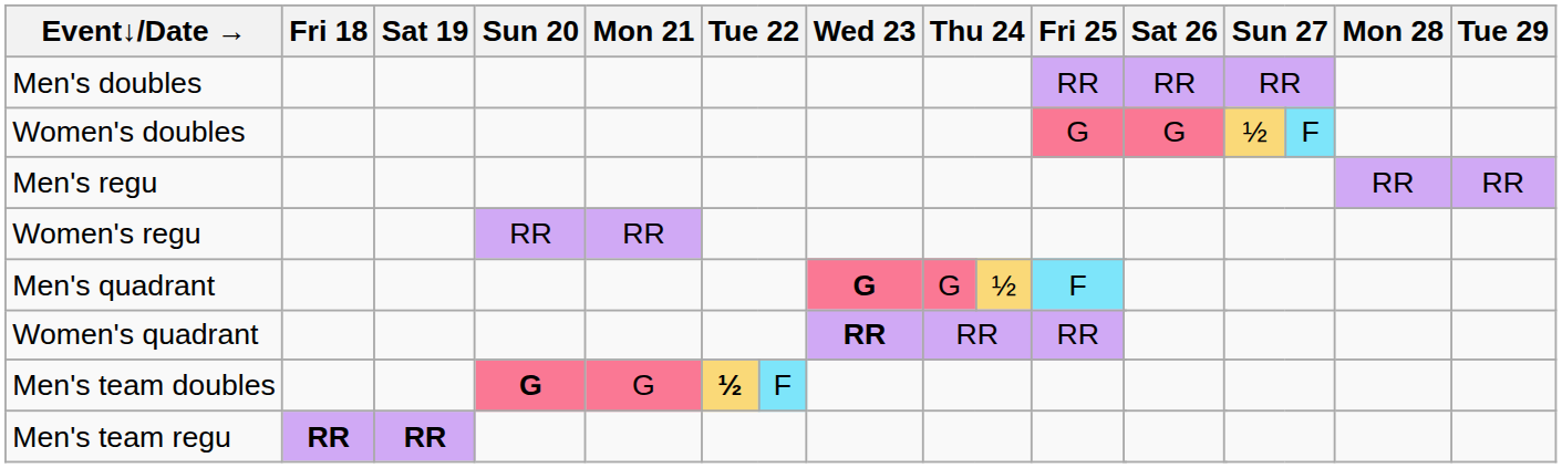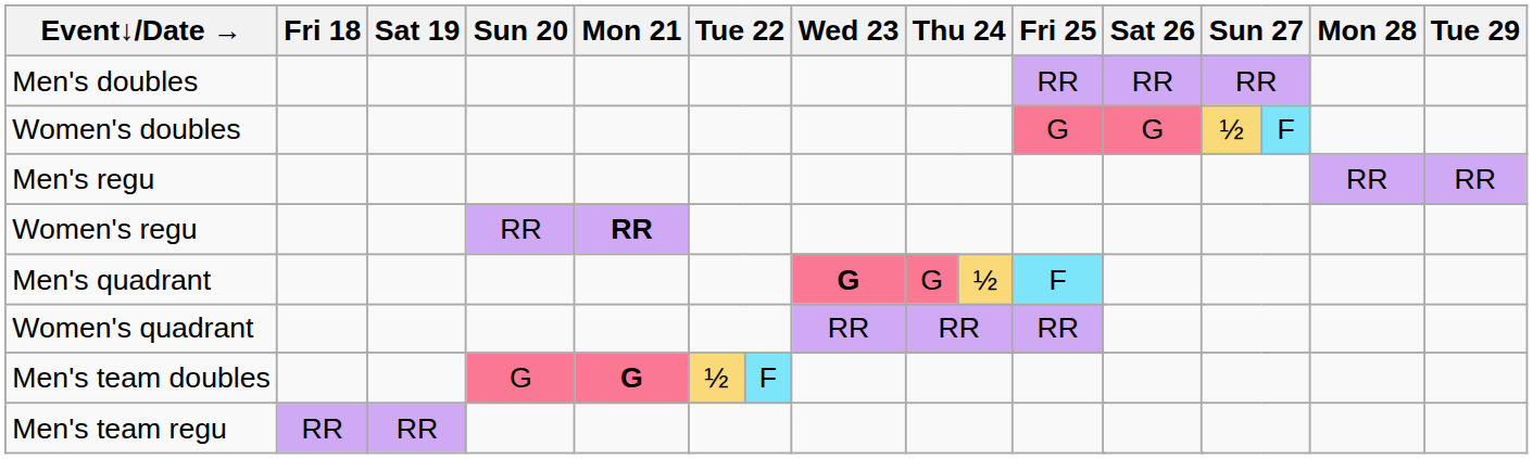 <table class="wikitable" style="margin:0.5em auto; font-size:90%; line-height:1.25em; text-align:center;">
 <tr>
 <th>Event↓/Date →</th>
 <th>Fri 18</th>
 <th>Sat 19</th>
 <th>Sun 20</th>
 <th>Mon 21</th>
 <th colspan=2>Tue 22</th>
 <th>Wed 23</th>
 <th colspan="2">Thu 24</th>
 <th colspan="2">Fri 25</th>
 <th colspan="2">Sat 26</th>
 <th colspan="2">Sun 27</th>
 <th colspan="2">Mon 28</th>
 <th colspan="2">Tue 29</th>
 </tr>
 <tr>
 <td style="text-align:left;">Men's doubles</td>
 <td></td>
 <td></td>
 <td></td>
 <td></td>
 <td colspan=2></td>
 <td></td>
 <td colspan=2></td>
 <td colspan=2 style="background-color:#D0A9F5;">RR</td>
 <td colspan=2 style="background-color:#D0A9F5;">RR</td>
 <td colspan=2 style="background-color:#D0A9F5;">RR</td>
 <td colspan=2></td>
 <td colspan=2></td>
 </tr>
 <tr>
 <td style="text-align:left;">Women's doubles</td>
 <td></td>
 <td></td>
 <td></td>
 <td></td>
 <td colspan=2></td>
 <td></td>
 <td colspan=2></td>
 <td colspan=2 style="background-color:#FA7894;">G</td>
 <td colspan=2 style="background-color:#FA7894;">G</td>
 <td style="background-color:#FAD978;">½</td>
 <td style="background-color:#7DE5FA;">F</td>
 <td colspan=2></td>
 <td colspan=2></td>
 </tr>
 <tr>
 <td style="text-align:left;">Men's regu</td>
 <td></td>
 <td></td>
 <td></td>
 <td></td>
 <td colspan=2></td>
 <td></td>
 <td colspan=2></td>
 <td colspan=2></td>
 <td colspan=2></td>
 <td colspan=2></td>
 <td colspan=2 style="background-color:#D0A9F5;">RR</td>
 <td colspan=2 style="background-color:#D0A9F5;">RR</td>
 </tr>
 <tr>
 <td style="text-align:left;">Women's regu</td>
 <td></td>
 <td></td>
 <td style="background-color:#D0A9F5;">RR</td>
-<td style="background-color:#D0A9F5;">RR</td>
+<td style="background-color:#D0A9F5;"><strong>RR</strong></td>
 <td colspan=2></td>
 <td></td>
 <td colspan=2></td>
 <td colspan=2></td>
 <td colspan=2></td>
 <td colspan=2></td>
 <td colspan=2></td>
 <td colspan=2></td>
 </tr>
 <tr>
 <td style="text-align:left;">Men's quadrant</td>
 <td></td>
 <td></td>
 <td></td>
 <td></td>
 <td colspan=2></td>
 <td style="background-color:#FA7894;"><strong>G</strong></td>
 <td style="background-color:#FA7894;">G</td>
 <td style="background-color:#FAD978;">½</td>
 <td colspan=2 style="background-color:#7DE5FA;">F</td>
 <td colspan=2></td>
 <td colspan=2></td>
 <td colspan=2></td>
 <td colspan=2></td>
 </tr>
 <tr>
 <td style="text-align:left;">Women's quadrant</td>
 <td></td>
 <td></td>
 <td></td>
 <td></td>
 <td colspan=2></td>
-<td style="background-color:#D0A9F5;"><strong>RR</strong></td>
+<td style="background-color:#D0A9F5;">RR</td>
 <td colspan=2 style="background-color:#D0A9F5;">RR</td>
 <td colspan=2 style="background-color:#D0A9F5;">RR</td>
 <td colspan=2></td>
 <td colspan=2></td>
 <td colspan=2></td>
 <td colspan=2></td>
 </tr>
 <tr>
 <td style="text-align:left;">Men's team doubles</td>
 <td></td>
 <td></td>
+<td style="background-color:#FA7894;">G</td>
 <td style="background-color:#FA7894;"><strong>G</strong></td>
-<td style="background-color:#FA7894;">G</td>
-<td style="background-color:#FAD978;"><strong>½</strong></td>
+<td style="background-color:#FAD978;">½</td>
 <td style="background-color:#7DE5FA;">F</td>
 <td></td>
 <td colspan=2></td>
 <td colspan=2></td>
 <td colspan=2></td>
 <td colspan=2></td>
 <td colspan=2></td>
 <td colspan=2></td>
 </tr>
 <tr>
 <td style="text-align:left;">Men's team regu</td>
-<td style="background-color:#D0A9F5;"><strong>RR</strong></td>
-<td style="background-color:#D0A9F5;"><strong>RR</strong></td>
+<td style="background-color:#D0A9F5;">RR</td>
+<td style="background-color:#D0A9F5;">RR</td>
 <td></td>
 <td></td>
 <td colspan=2></td>
 <td></td>
 <td colspan=2></td>
 <td colspan=2></td>
 <td colspan=2></td>
 <td colspan=2></td>
 <td colspan=2></td>
 <td colspan=2></td>
 </tr>
 </table>
